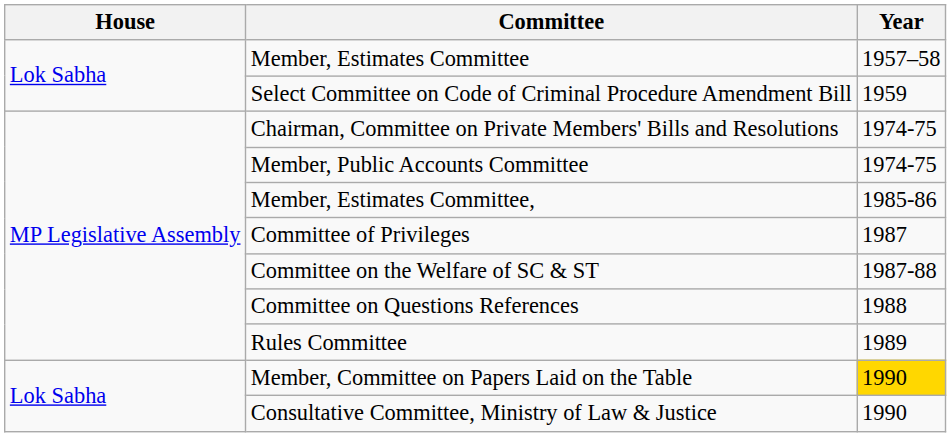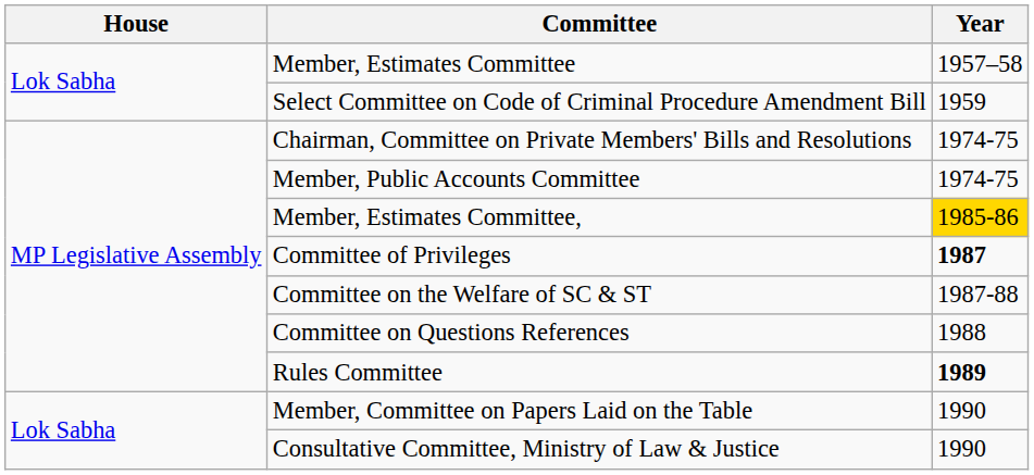 <table class="wikitable">
 <tr>
 <th>House</th>
 <th>Committee</th>
 <th>Year</th>
 </tr>
 <tr>
 <td rowspan="2"><a href='#'>Lok Sabha</a></td>
 <td>Member, Estimates Committee</td>
 <td>1957–58</td>
 </tr>
 <tr>
 <td>Select Committee on Code of Criminal Procedure Amendment Bill</td>
 <td>1959</td>
 </tr>
 <tr>
 <td rowspan="7"><a href='#'>MP Legislative Assembly</a></td>
 <td>Chairman, Committee on Private Members' Bills and Resolutions</td>
 <td>1974-75</td>
 </tr>
 <tr>
 <td>Member, Public Accounts Committee</td>
 <td>1974-75</td>
 </tr>
 <tr>
 <td>Member, Estimates Committee,</td>
-<td>1985-86</td>
+<td style="background: gold;">1985-86</td>
 </tr>
 <tr>
 <td>Committee of Privileges</td>
-<td>1987</td>
+<td><strong>1987</strong></td>
 </tr>
 <tr>
 <td>Committee on the Welfare of SC & ST</td>
 <td>1987-88</td>
 </tr>
 <tr>
 <td>Committee on Questions References</td>
 <td>1988</td>
 </tr>
 <tr>
 <td>Rules Committee</td>
-<td>1989</td>
+<td><strong>1989</strong></td>
 </tr>
 <tr>
 <td rowspan="2"><a href='#'>Lok Sabha</a></td>
 <td>Member, Committee on Papers Laid on the Table</td>
-<td style="background: gold;">1990</td>
+<td>1990</td>
 </tr>
 <tr>
 <td>Consultative Committee, Ministry of Law & Justice</td>
 <td>1990</td>
 </tr>
 </table>
